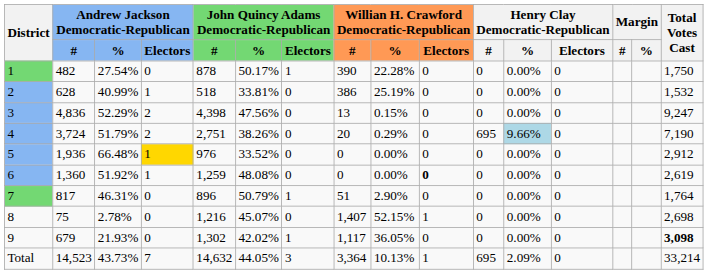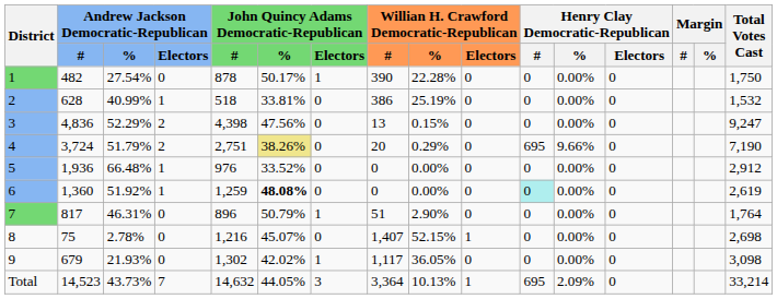 <table class="wikitable sortable">
 <tr>
 <th rowspan="2">District</th>
 <th colspan="3" style="background-color:#86b6f2">Andrew Jackson<br>Democratic-Republican</th>
 <th colspan="3" style="background-color:#73d873">John Quincy Adams<br>Democratic-Republican</th>
 <th colspan="3" style="background-color:#ff9955">Willian H. Crawford<br>Democratic-Republican</th>
 <th colspan="3" >Henry Clay<br>Democratic-Republican</th>
 <th colspan="2">Margin</th>
 <th rowspan="2">Total<br>Votes<br>Cast </th>
 </tr>
 <tr>
 <th style="background-color:#86b6f2">#</th>
 <th style="background-color:#86b6f2">%</th>
 <th style="background-color:#86b6f2">Electors</th>
 <th style="background-color:#73d873">#</th>
 <th style="background-color:#73d873">%</th>
 <th style="background-color:#73d873">Electors</th>
 <th style="background-color:#ff9955">#</th>
 <th style="background-color:#ff9955">%</th>
 <th style="background-color:#ff9955">Electors</th>
 <th>#</th>
 <th>%</th>
 <th>Electors</th>
 <th>#</th>
 <th>%</th>
 </tr>
 <tr>
 <td style="background-color:#73d873">1</td>
 <td>482</td>
 <td>27.54%</td>
 <td>0</td>
 <td>878</td>
 <td>50.17%</td>
 <td>1</td>
 <td>390</td>
 <td>22.28%</td>
 <td>0</td>
 <td>0</td>
 <td>0.00%</td>
 <td>0</td>
 <td></td>
 <td></td>
 <td>1,750</td>
 </tr>
 <tr>
 <td style="background-color:#86b6f2">2</td>
 <td>628</td>
 <td>40.99%</td>
 <td>1</td>
 <td>518</td>
 <td>33.81%</td>
 <td>0</td>
 <td>386</td>
 <td>25.19%</td>
 <td>0</td>
 <td>0</td>
 <td>0.00%</td>
 <td>0</td>
 <td></td>
 <td></td>
 <td>1,532</td>
 </tr>
 <tr>
 <td style="background-color:#86b6f2">3</td>
 <td>4,836</td>
 <td>52.29%</td>
 <td>2</td>
 <td>4,398</td>
 <td>47.56%</td>
 <td>0</td>
 <td>13</td>
 <td>0.15%</td>
 <td>0</td>
 <td>0</td>
 <td>0.00%</td>
 <td>0</td>
 <td></td>
 <td></td>
 <td>9,247</td>
 </tr>
 <tr>
 <td style="background-color:#86b6f2">4</td>
 <td>3,724</td>
 <td>51.79%</td>
 <td>2</td>
 <td>2,751</td>
-<td>38.26%</td>
+<td style="background: khaki;">38.26%</td>
 <td>0</td>
 <td>20</td>
 <td>0.29%</td>
 <td>0</td>
 <td>695</td>
-<td style="background: lightblue;">9.66%</td>
+<td>9.66%</td>
 <td>0</td>
 <td></td>
 <td></td>
 <td>7,190</td>
 </tr>
 <tr>
 <td style="background-color:#86b6f2">5</td>
 <td>1,936</td>
 <td>66.48%</td>
-<td style="background: gold;">1</td>
+<td>1</td>
 <td>976</td>
 <td>33.52%</td>
 <td>0</td>
 <td>0</td>
 <td>0.00%</td>
 <td>0</td>
 <td>0</td>
 <td>0.00%</td>
 <td>0</td>
 <td></td>
 <td></td>
 <td>2,912</td>
 </tr>
 <tr>
 <td style="background-color:#86b6f2">6</td>
 <td>1,360</td>
 <td>51.92%</td>
 <td>1</td>
 <td>1,259</td>
-<td>48.08%</td>
+<td><strong>48.08%</strong></td>
 <td>0</td>
 <td>0</td>
 <td>0.00%</td>
-<td><strong>0</strong></td>
 <td>0</td>
+<td style="background: paleturquoise;">0</td>
 <td>0.00%</td>
 <td>0</td>
 <td></td>
 <td></td>
 <td>2,619</td>
 </tr>
 <tr>
 <td style="background-color:#73d873">7</td>
 <td>817</td>
 <td>46.31%</td>
 <td>0</td>
 <td>896</td>
 <td>50.79%</td>
 <td>1</td>
 <td>51</td>
 <td>2.90%</td>
 <td>0</td>
 <td>0</td>
 <td>0.00%</td>
 <td>0</td>
 <td></td>
 <td></td>
 <td>1,764</td>
 </tr>
 <tr>
 <td>8</td>
 <td>75</td>
 <td>2.78%</td>
 <td>0</td>
 <td>1,216</td>
 <td>45.07%</td>
 <td>0</td>
 <td>1,407</td>
 <td>52.15%</td>
 <td>1</td>
 <td>0</td>
 <td>0.00%</td>
 <td>0</td>
 <td></td>
 <td></td>
 <td>2,698</td>
 </tr>
 <tr>
 <td>9</td>
 <td>679</td>
 <td>21.93%</td>
 <td>0</td>
 <td>1,302</td>
 <td>42.02%</td>
 <td>1</td>
 <td>1,117</td>
 <td>36.05%</td>
 <td>0</td>
 <td>0</td>
 <td>0.00%</td>
 <td>0</td>
 <td></td>
 <td></td>
-<td><strong>3,098</strong></td>
+<td>3,098</td>
 </tr>
 <tr>
 <td>Total</td>
 <td>14,523</td>
 <td>43.73%</td>
 <td>7</td>
 <td>14,632</td>
 <td>44.05%</td>
 <td>3</td>
 <td>3,364</td>
 <td>10.13%</td>
 <td>1</td>
 <td>695</td>
 <td>2.09%</td>
 <td>0</td>
 <td></td>
 <td></td>
 <td>33,214</td>
 </tr>
 </table>
